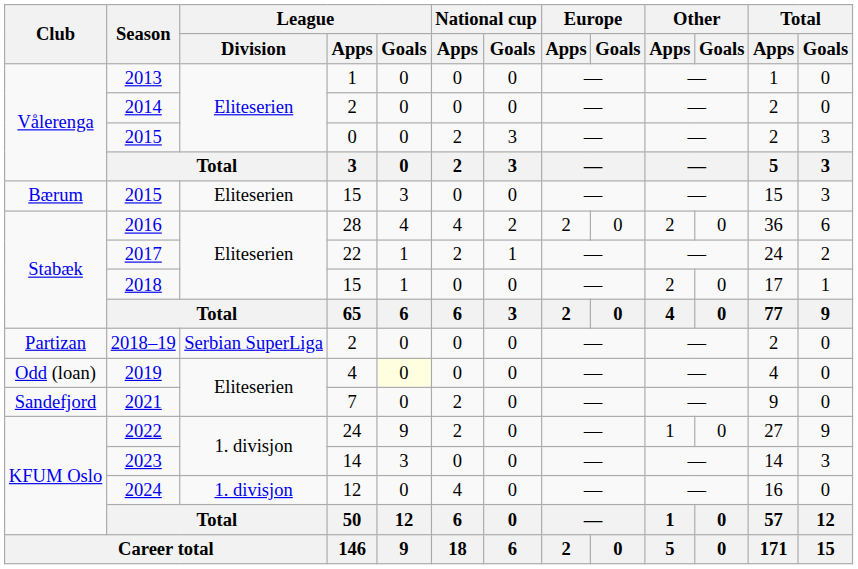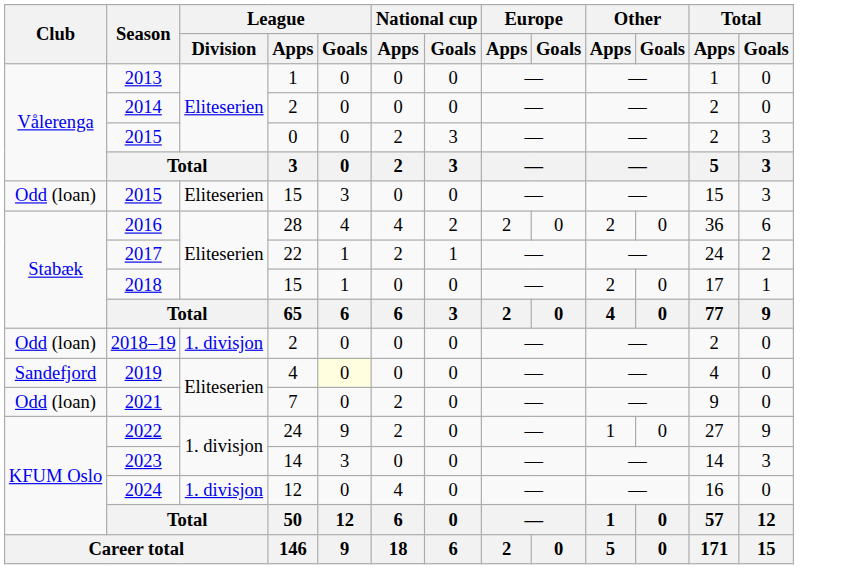 <table class="wikitable" style="text-align: center;">
 <tr>
 <th rowspan="2">Club</th>
 <th rowspan="2">Season</th>
 <th colspan="3">League</th>
 <th colspan="2">National cup</th>
 <th colspan="2">Europe</th>
 <th colspan="2">Other</th>
 <th colspan="2">Total</th>
 </tr>
 <tr>
 <th>Division</th>
 <th>Apps</th>
 <th>Goals</th>
 <th>Apps</th>
 <th>Goals</th>
 <th>Apps</th>
 <th>Goals</th>
 <th>Apps</th>
 <th>Goals</th>
 <th>Apps</th>
 <th>Goals</th>
 </tr>
 <tr>
 <td rowspan=4><a href='#'>Vålerenga</a></td>
 <td><a href='#'>2013</a></td>
 <td rowspan=3><a href='#'>Eliteserien</a></td>
 <td>1</td>
 <td>0</td>
 <td>0</td>
 <td>0</td>
 <td colspan=2>—</td>
 <td colspan=2>—</td>
 <td>1</td>
 <td>0</td>
 </tr>
 <tr>
 <td><a href='#'>2014</a></td>
 <td>2</td>
 <td>0</td>
 <td>0</td>
 <td>0</td>
 <td colspan=2>—</td>
 <td colspan=2>—</td>
 <td>2</td>
 <td>0</td>
 </tr>
 <tr>
 <td><a href='#'>2015</a></td>
 <td>0</td>
 <td>0</td>
 <td>2</td>
 <td>3</td>
 <td colspan=2>—</td>
 <td colspan=2>—</td>
 <td>2</td>
 <td>3</td>
 </tr>
 <tr>
 <th colspan=2>Total</th>
 <th>3</th>
 <th>0</th>
 <th>2</th>
 <th>3</th>
 <th colspan=2>—</th>
 <th colspan=2>—</th>
 <th>5</th>
 <th>3</th>
 </tr>
 <tr>
-<td><a href='#'>Bærum</a></td>
+<td><a href='#'>Odd</a> (loan)</td>
 <td><a href='#'>2015</a></td>
 <td>Eliteserien</td>
 <td>15</td>
 <td>3</td>
 <td>0</td>
 <td>0</td>
 <td colspan=2>—</td>
 <td colspan=2>—</td>
 <td>15</td>
 <td>3</td>
 </tr>
 <tr>
 <td rowspan=4><a href='#'>Stabæk</a></td>
 <td><a href='#'>2016</a></td>
 <td rowspan=3>Eliteserien</td>
 <td>28</td>
 <td>4</td>
 <td>4</td>
 <td>2</td>
 <td>2</td>
 <td>0</td>
 <td>2</td>
 <td>0</td>
 <td>36</td>
 <td>6</td>
 </tr>
 <tr>
 <td><a href='#'>2017</a></td>
 <td>22</td>
 <td>1</td>
 <td>2</td>
 <td>1</td>
 <td colspan=2>—</td>
 <td colspan="2">—</td>
 <td>24</td>
 <td>2</td>
 </tr>
 <tr>
 <td><a href='#'>2018</a></td>
 <td>15</td>
 <td>1</td>
 <td>0</td>
 <td>0</td>
 <td colspan=2>—</td>
 <td>2</td>
 <td>0</td>
 <td>17</td>
 <td>1</td>
 </tr>
 <tr>
 <th colspan="2">Total</th>
 <th>65</th>
 <th>6</th>
 <th>6</th>
 <th>3</th>
 <th>2</th>
 <th>0</th>
 <th>4</th>
 <th>0</th>
 <th>77</th>
 <th>9</th>
 </tr>
 <tr>
-<td><a href='#'>Partizan</a></td>
+<td><a href='#'>Odd</a> (loan)</td>
 <td><a href='#'>2018–19</a></td>
-<td><a href='#'>Serbian SuperLiga</a></td>
+<td><a href='#'>1. divisjon</a></td>
 <td>2</td>
 <td>0</td>
 <td>0</td>
 <td>0</td>
 <td colspan=2>—</td>
 <td colspan=2>—</td>
 <td>2</td>
 <td>0</td>
 </tr>
 <tr>
-<td><a href='#'>Odd</a> (loan)</td>
+<td><a href='#'>Sandefjord</a></td>
 <td><a href='#'>2019</a></td>
 <td rowspan=2>Eliteserien</td>
 <td>4</td>
 <td style="background: lightyellow;">0</td>
 <td>0</td>
 <td>0</td>
 <td colspan=2>—</td>
 <td colspan=2>—</td>
 <td>4</td>
 <td>0</td>
 </tr>
 <tr>
-<td><a href='#'>Sandefjord</a></td>
+<td><a href='#'>Odd</a> (loan)</td>
 <td><a href='#'>2021</a></td>
 <td>7</td>
 <td>0</td>
 <td>2</td>
 <td>0</td>
 <td colspan=2>—</td>
 <td colspan=2>—</td>
 <td>9</td>
 <td>0</td>
 </tr>
 <tr>
 <td rowspan=4><a href='#'>KFUM Oslo</a></td>
 <td><a href='#'>2022</a></td>
 <td rowspan=2>1. divisjon</td>
 <td>24</td>
 <td>9</td>
 <td>2</td>
 <td>0</td>
 <td colspan=2>—</td>
 <td>1</td>
 <td>0</td>
 <td>27</td>
 <td>9</td>
 </tr>
 <tr>
 <td><a href='#'>2023</a></td>
 <td>14</td>
 <td>3</td>
 <td>0</td>
 <td>0</td>
 <td colspan=2>—</td>
 <td colspan=2>—</td>
 <td>14</td>
 <td>3</td>
 </tr>
 <tr>
 <td><a href='#'>2024</a></td>
 <td><a href='#'>1. divisjon</a></td>
 <td>12</td>
 <td>0</td>
 <td>4</td>
 <td>0</td>
 <td colspan=2>—</td>
 <td colspan=2>—</td>
 <td>16</td>
 <td>0</td>
 </tr>
 <tr>
 <th colspan=2>Total</th>
 <th>50</th>
 <th>12</th>
 <th>6</th>
 <th>0</th>
 <th colspan=2>—</th>
 <th>1</th>
 <th>0</th>
 <th>57</th>
 <th>12</th>
 </tr>
 <tr>
 <th colspan=3>Career total</th>
 <th>146</th>
 <th>9</th>
 <th>18</th>
 <th>6</th>
 <th>2</th>
 <th>0</th>
 <th>5</th>
 <th>0</th>
 <th>171</th>
 <th>15</th>
 </tr>
 </table>
